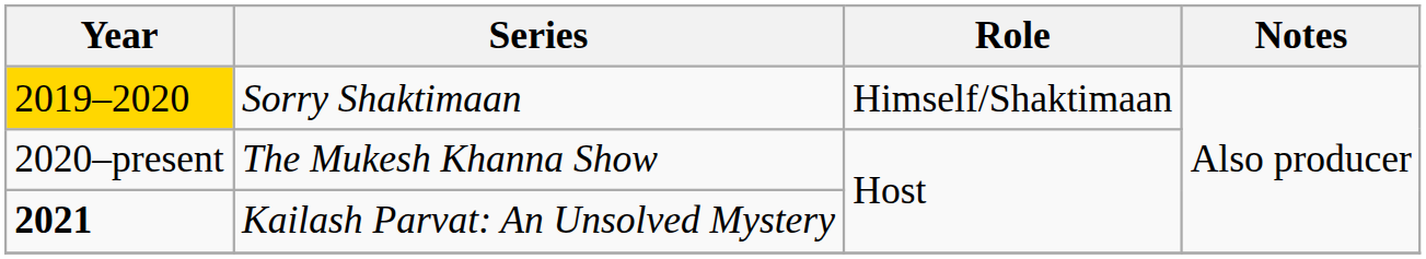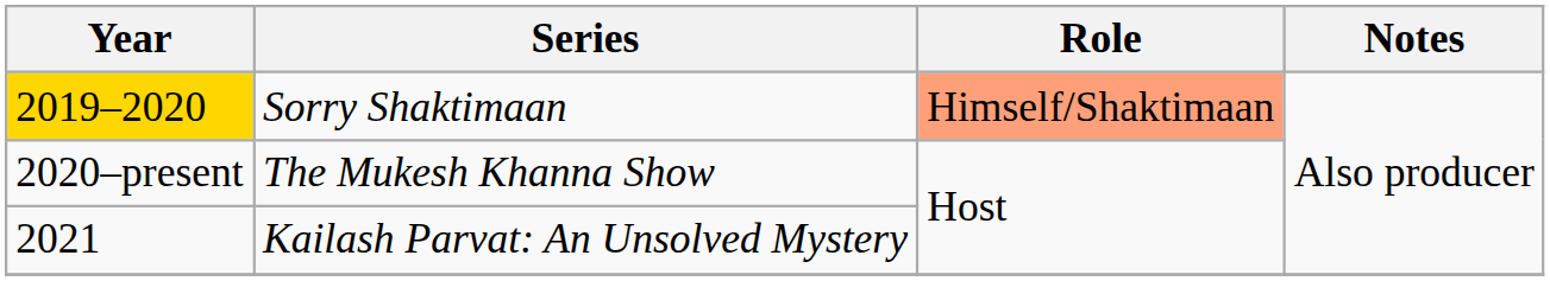 <table class="wikitable sortable">
 <tr>
 <th>Year</th>
 <th>Series</th>
 <th>Role</th>
 <th>Notes</th>
 </tr>
 <tr>
 <td style="background: gold;">2019–2020</td>
 <td><em>Sorry Shaktimaan</em></td>
-<td>Himself/Shaktimaan</td>
+<td style="background: lightsalmon;">Himself/Shaktimaan</td>
 <td rowspan="3">Also producer</td>
 </tr>
 <tr>
 <td>2020–present</td>
 <td><em>The Mukesh Khanna Show</em></td>
 <td rowspan="2">Host</td>
 </tr>
 <tr>
-<td><strong>2021</strong></td>
+<td>2021</td>
 <td><em>Kailash Parvat: An Unsolved Mystery</em></td>
 </tr>
 <tr>
 </tr>
 </table>
